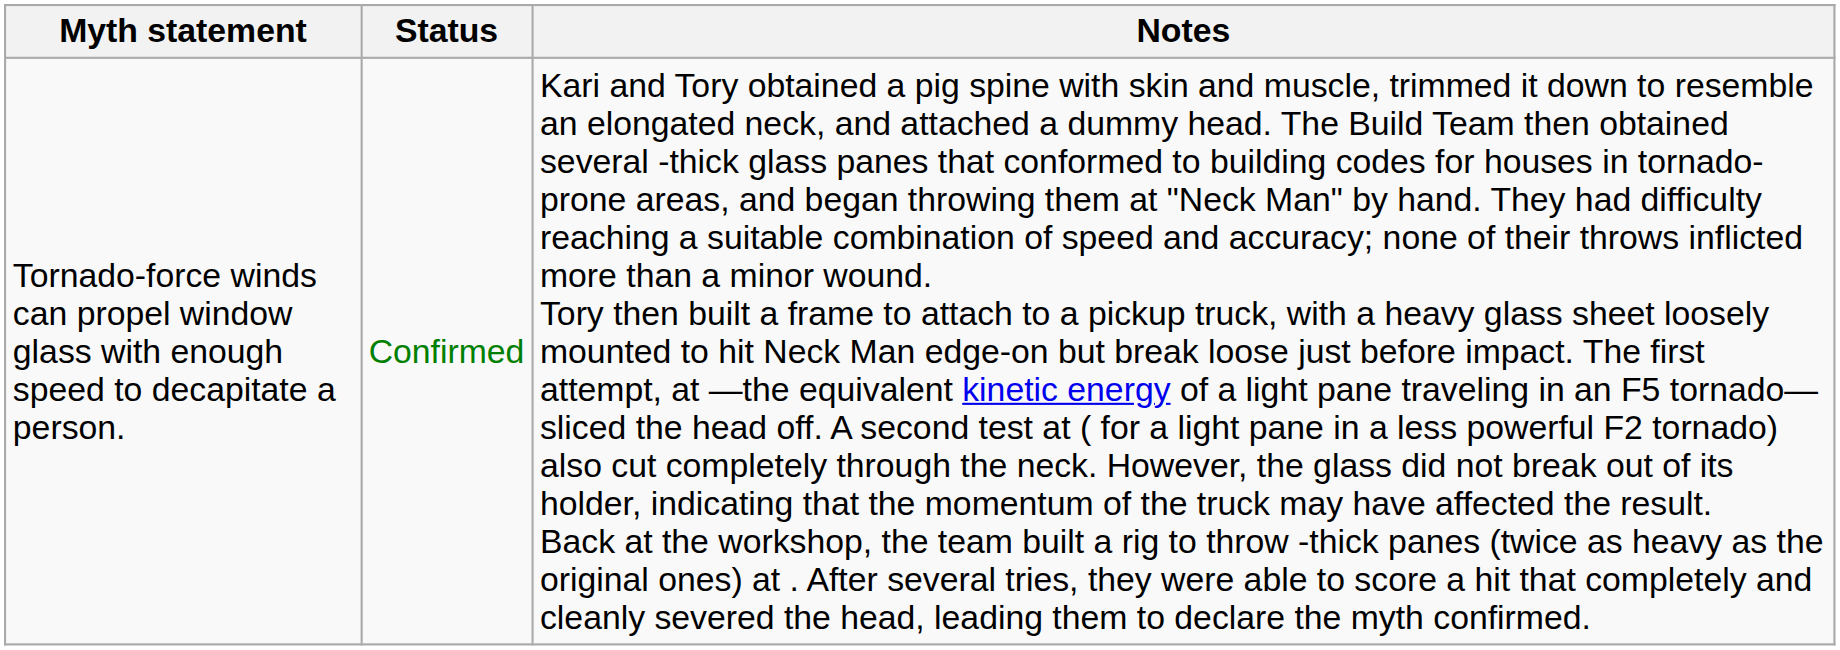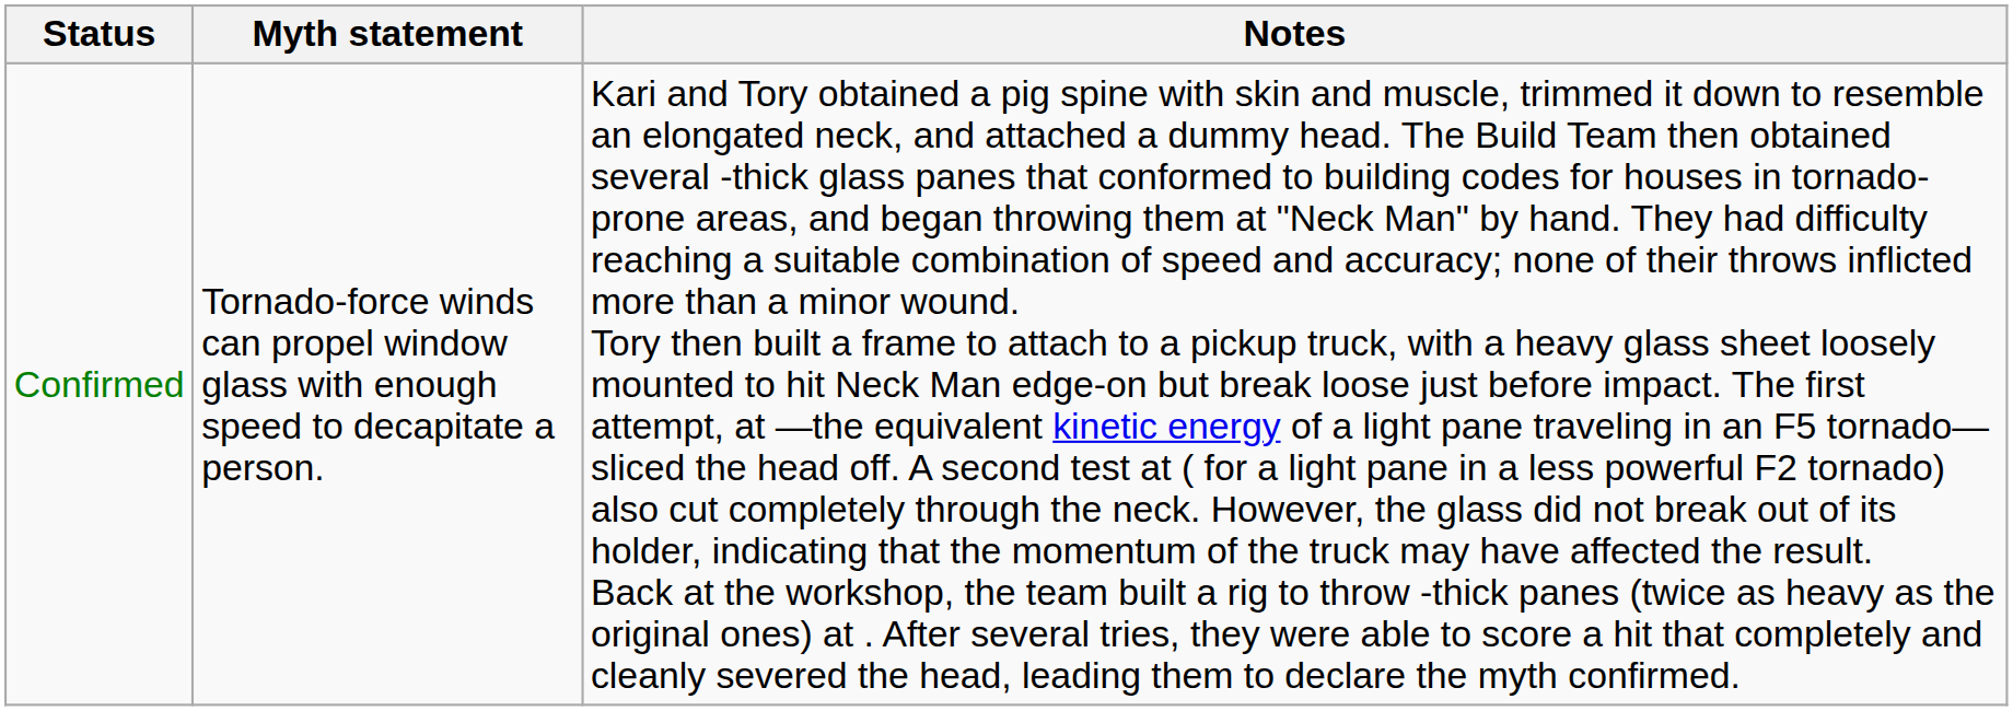 <table class="wikitable plainrowheaders">
 <tr>
+<th>Status</th>
 <th>Myth statement</th>
-<th>Status</th>
 <th>Notes</th>
 </tr>
 <tr>
+<td style="color:green">Confirmed</td>
 <td>Tornado-force winds can propel window glass with enough speed to decapitate a person.</td>
-<td style="color:green">Confirmed</td>
 <td>Kari and Tory obtained a pig spine with skin and muscle, trimmed it down to resemble an elongated neck, and attached a dummy head. The Build Team then obtained several -thick glass panes that conformed to building codes for houses in tornado-prone areas, and began throwing them at "Neck Man" by hand. They had difficulty reaching a suitable combination of speed and accuracy; none of their throws inflicted more than a minor wound.<br>Tory then built a frame to attach to a pickup truck, with a heavy  glass sheet loosely mounted to hit Neck Man edge-on but break loose just before impact. The first attempt, at —the equivalent <a href='#'>kinetic energy</a> of a light pane traveling  in an F5 tornado—sliced the head off. A second test at  ( for a light pane in a less powerful F2 tornado) also cut completely through the neck. However, the glass did not break out of its holder, indicating that the momentum of the truck may have affected the result.<br>Back at the workshop, the team built a rig to throw -thick panes (twice as heavy as the original ones) at . After several tries, they were able to score a hit that completely and cleanly severed the head, leading them to declare the myth confirmed.</td>
 </tr>
 </table>
